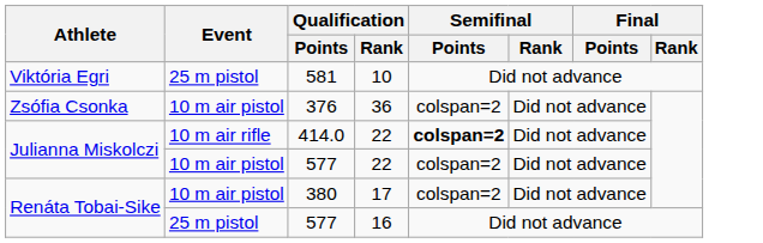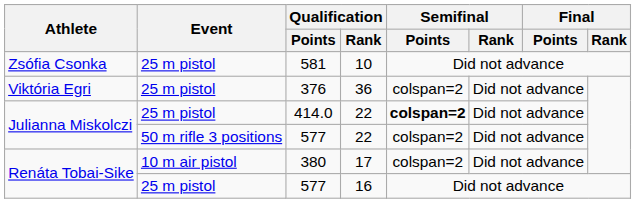 <table class="wikitable" style="font-size:90%">
 <tr>
 <th rowspan="2">Athlete</th>
 <th rowspan="2">Event</th>
 <th colspan=2>Qualification</th>
 <th colspan=2>Semifinal</th>
 <th colspan=2>Final</th>
 </tr>
 <tr style="font-size:95%">
 <th>Points</th>
 <th>Rank</th>
 <th>Points</th>
 <th>Rank</th>
 <th>Points</th>
 <th>Rank</th>
 </tr>
 <tr align=center>
-<td align=left><a href='#'>Viktória Egri</a></td>
+<td align=left><a href='#'>Zsófia Csonka</a></td>
 <td align=left><a href='#'>25 m pistol</a></td>
 <td>581</td>
 <td>10</td>
 <td colspan=4>Did not advance</td>
 </tr>
 <tr align=center>
-<td align=left><a href='#'>Zsófia Csonka</a></td>
-<td align=left><a href='#'>10 m air pistol</a></td>
+<td align=left><a href='#'>Viktória Egri</a></td>
+<td align=left><a href='#'>25 m pistol</a></td>
 <td>376</td>
 <td>36</td>
 <td>colspan=2 </td>
 <td colspan=2>Did not advance</td>
 </tr>
 <tr align=center>
 <td align=left rowspan=2><a href='#'>Julianna Miskolczi</a></td>
-<td align=left><a href='#'>10 m air rifle</a></td>
+<td align=left><a href='#'>25 m pistol</a></td>
 <td>414.0</td>
 <td>22</td>
 <td><strong>colspan=2 </strong></td>
 <td colspan=2>Did not advance</td>
 </tr>
 <tr align=center>
-<td align=left><a href='#'>10 m air pistol</a></td>
+<td align=left><a href='#'>50 m rifle 3 positions</a></td>
 <td>577</td>
 <td>22</td>
 <td>colspan=2 </td>
 <td colspan=2>Did not advance</td>
 </tr>
 <tr align=center>
 <td align=left rowspan=2><a href='#'>Renáta Tobai-Sike</a></td>
 <td align=left><a href='#'>10 m air pistol</a></td>
 <td>380</td>
 <td>17</td>
 <td>colspan=2 </td>
 <td colspan=2>Did not advance</td>
 </tr>
 <tr align=center>
 <td align=left><a href='#'>25 m pistol</a></td>
 <td>577</td>
 <td>16</td>
 <td colspan=4>Did not advance</td>
 </tr>
 </table>
